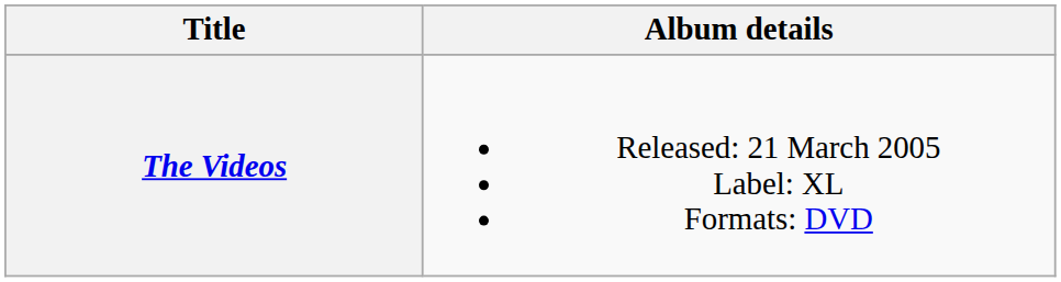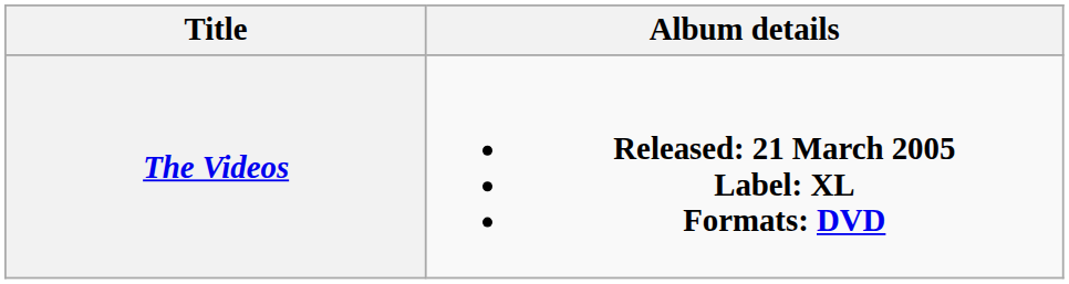 <table class="wikitable plainrowheaders" style="text-align:center;">
 <tr>
 <th scope="col" style="width:12.75em;">Title</th>
 <th scope="col" style="width:19.5em;">Album details</th>
 </tr>
 <tr>
 <th scope="row"><em><a href='#'>The Videos</a></em></th>
-<td><br><ul><li>Released: 21 March 2005</li><li>Label: XL</li><li>Formats: <a href='#'>DVD</a></li></ul></td>
+<td><strong><br><ul><li>Released: 21 March 2005</li><li>Label: XL</li><li>Formats: <a href='#'>DVD</a></li></ul></strong></td>
 </tr>
 </table>
